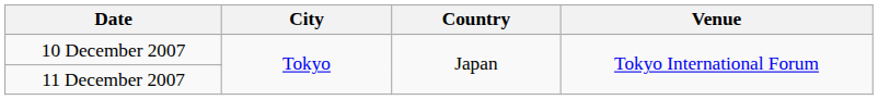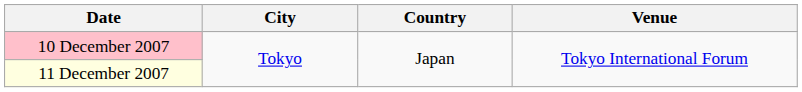 <table class="wikitable" style="text-align:center;">
 <tr>
 <th scope="col" style="width:11em;">Date</th>
 <th scope="col" style="width:8.5em;">City</th>
 <th scope="col" style="width:8.5em;">Country</th>
 <th scope="col" style="width:16em;">Venue</th>
 </tr>
 <tr>
-<td>10 December 2007</td>
+<td style="background: pink;">10 December 2007</td>
 <td rowspan="2"><a href='#'>Tokyo</a></td>
 <td rowspan="2">Japan</td>
 <td rowspan="2"><a href='#'>Tokyo International Forum</a></td>
 </tr>
 <tr>
-<td>11 December 2007</td>
+<td style="background: lightyellow;">11 December 2007</td>
 </tr>
 </table>
